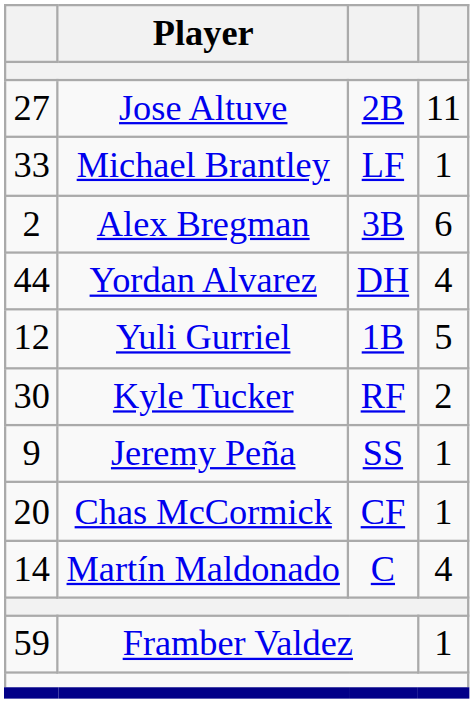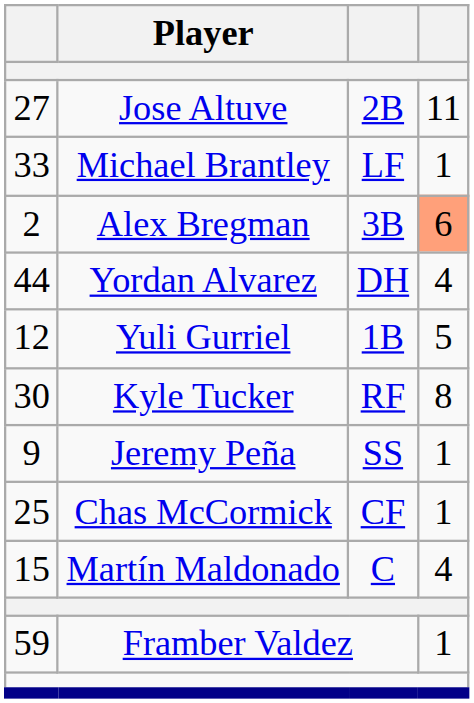 <table class="wikitable" style="text-align:center">
 <tr>
 <th></th>
 <th>Player</th>
 <th></th>
 <th></th>
 </tr>
 <tr>
 <th colspan="4"></th>
 </tr>
 <tr>
 <td>27</td>
 <td><a href='#'>Jose Altuve</a></td>
 <td><a href='#'>2B</a></td>
 <td>11</td>
 </tr>
 <tr>
 <td>33</td>
 <td><a href='#'>Michael Brantley</a></td>
 <td><a href='#'>LF</a></td>
 <td>1</td>
 </tr>
 <tr>
 <td>2</td>
 <td><a href='#'>Alex Bregman</a></td>
 <td><a href='#'>3B</a></td>
-<td>6</td>
+<td style="background: lightsalmon;">6</td>
 </tr>
 <tr>
 <td>44</td>
 <td><a href='#'>Yordan Alvarez</a></td>
 <td><a href='#'>DH</a></td>
 <td>4</td>
 </tr>
 <tr>
 <td>12</td>
 <td><a href='#'>Yuli Gurriel</a></td>
 <td><a href='#'>1B</a></td>
 <td>5</td>
 </tr>
 <tr>
 <td>30</td>
 <td><a href='#'>Kyle Tucker</a></td>
 <td><a href='#'>RF</a></td>
-<td>2</td>
+<td>8</td>
 </tr>
 <tr>
 <td>9</td>
 <td><a href='#'>Jeremy Peña</a></td>
 <td><a href='#'>SS</a></td>
 <td>1</td>
 </tr>
 <tr>
-<td>20</td>
+<td>25</td>
 <td><a href='#'>Chas McCormick</a></td>
 <td><a href='#'>CF</a></td>
 <td>1</td>
 </tr>
 <tr>
-<td>14</td>
+<td>15</td>
 <td><a href='#'>Martín Maldonado</a></td>
 <td><a href='#'>C</a></td>
 <td>4</td>
 </tr>
 <tr>
 <th colspan="4"></th>
 </tr>
 <tr>
 <td>59</td>
 <td colspan="2"><a href='#'>Framber Valdez</a></td>
 <td>1</td>
 </tr>
 <tr>
 <td style="border-bottom:#020088 5px solid;" colspan="4"></td>
 </tr>
 </table>
